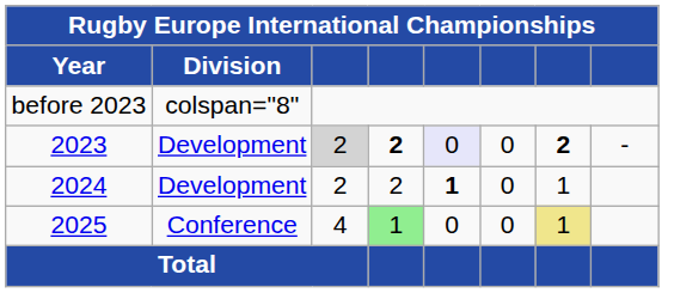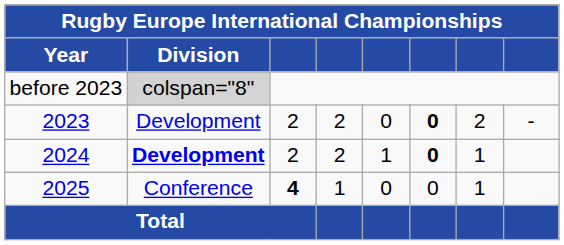 <table class="wikitable" style="text-align:center">
 <tr>
 <th colspan=12 style="background:#244AA5;color:white;">Rugby Europe International Championships</th>
 </tr>
 <tr>
 <th style="background:#244AA5;color:white;">Year</th>
 <th style="background:#244AA5;color:white;">Division</th>
 <th width="28" style="background:#244AA5;color:white;"></th>
 <th width="28" style="background:#244AA5;color:white;"></th>
 <th width="28" style="background:#244AA5;color:white;"></th>
 <th width="28" style="background:#244AA5;color:white;"></th>
 <th width="28" style="background:#244AA5;color:white;"></th>
 <th width="35" style="background:#244AA5;color:white;"></th>
 </tr>
 <tr>
 <td>before 2023</td>
-<td>colspan="8" </td>
+<td style="background: lightgrey;">colspan="8" </td>
 </tr>
 <tr>
 <td><a href='#'>2023</a></td>
 <td><a href='#'>Development</a></td>
-<td style="background: lightgrey;">2</td>
-<td><strong>2</strong></td>
-<td style="background: lavender;">0</td>
+<td>2</td>
+<td>2</td>
 <td>0</td>
-<td><strong>2</strong></td>
+<td><strong>0</strong></td>
+<td>2</td>
 <td>-</td>
 </tr>
 <tr>
 <td><a href='#'>2024</a></td>
-<td><a href='#'>Development</a></td>
+<td><strong><a href='#'>Development</a></strong></td>
 <td>2</td>
 <td>2</td>
-<td><strong>1</strong></td>
-<td>0</td>
+<td>1</td>
+<td><strong>0</strong></td>
 <td>1</td>
 <td></td>
 </tr>
 <tr>
 <td><a href='#'>2025</a></td>
 <td><a href='#'>Conference</a></td>
-<td>4</td>
-<td style="background: lightgreen;">1</td>
+<td><strong>4</strong></td>
+<td>1</td>
 <td>0</td>
 <td>0</td>
-<td style="background: khaki;">1</td>
+<td>1</td>
 <td></td>
 </tr>
 <tr>
 <th colspan="3" style="background:#244AA5;color:white;">Total</th>
 <th style="background:#244AA5;color:white;"></th>
 <th style="background:#244AA5;color:white;"></th>
 <th style="background:#244AA5;color:white;"></th>
 <th style="background:#244AA5;color:white;"></th>
 <th style="background:#244AA5;color:white;"></th>
 </tr>
 </table>
